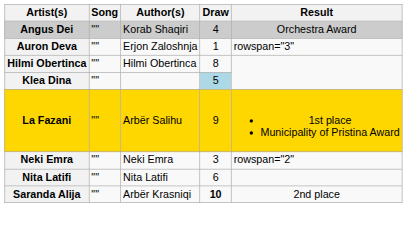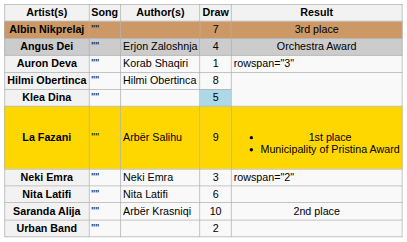 <table class="wikitable sortable plainrowheaders" style="margin: 1em auto 1em auto; text-align:left;">
 <tr>
 <th scope="col">Artist(s)</th>
 <th scope="col">Song</th>
 <th scope="col" class="unsortable">Author(s)</th>
 <th scope="col">Draw</th>
 <th scope="col">Result</th>
 </tr>
+<tr style="background-color:#C96;">
+<th scope="row" style="background-color:#C96;">Albin Nikprelaj</th>
+<td>""</td>
+<td></td>
+<td style="text-align:center">7</td>
+<td style="text-align:center">3rd place</td>
+</tr>
 <tr style="background-color:#CCC;">
 <th scope="row" style="background-color:#CCC;">Angus Dei</th>
 <td>""</td>
-<td>Korab Shaqiri</td>
+<td>Erjon Zaloshnja</td>
 <td style="text-align:center">4</td>
 <td style="text-align:center">Orchestra Award</td>
 </tr>
 <tr>
 <th scope="row">Auron Deva</th>
 <td>""</td>
-<td>Erjon Zaloshnja</td>
+<td>Korab Shaqiri</td>
 <td style="text-align:center">1</td>
 <td>rowspan="3" </td>
 </tr>
 <tr>
 <th scope="row">Hilmi Obertinca</th>
 <td>""</td>
 <td>Hilmi Obertinca</td>
 <td style="text-align:center">8</td>
 </tr>
 <tr>
 <th scope="row">Klea Dina</th>
 <td>""</td>
 <td></td>
 <td style="background: lightblue; text-align:center">5</td>
 </tr>
 <tr style="background-color:#FFD700;">
 <th scope="row" style="background-color:#FFD700;">La Fazani</th>
 <td>""</td>
 <td>Arbër Salihu</td>
 <td style="text-align:center">9</td>
 <td style="text-align:center"><br><ul><li>1st place</li><li>Municipality of Pristina Award</li></ul></td>
 </tr>
 <tr>
 <th scope="row">Neki Emra</th>
 <td>""</td>
 <td>Neki Emra</td>
 <td style="text-align:center">3</td>
 <td>rowspan="2" </td>
 </tr>
 <tr>
 <th scope="row">Nita Latifi</th>
 <td>""</td>
 <td>Nita Latifi</td>
 <td style="text-align:center">6</td>
 </tr>
 <tr>
 <th scope="row">Saranda Alija</th>
 <td>""</td>
 <td>Arbër Krasniqi</td>
-<td style="text-align:center"><strong>10</strong></td>
+<td style="text-align:center">10</td>
 <td style="text-align:center">2nd place</td>
 </tr>
+<tr>
+<th scope="row">Urban Band</th>
+<td>""</td>
+<td></td>
+<td style="text-align:center">2</td>
+<td></td>
+</tr>
 </table>
